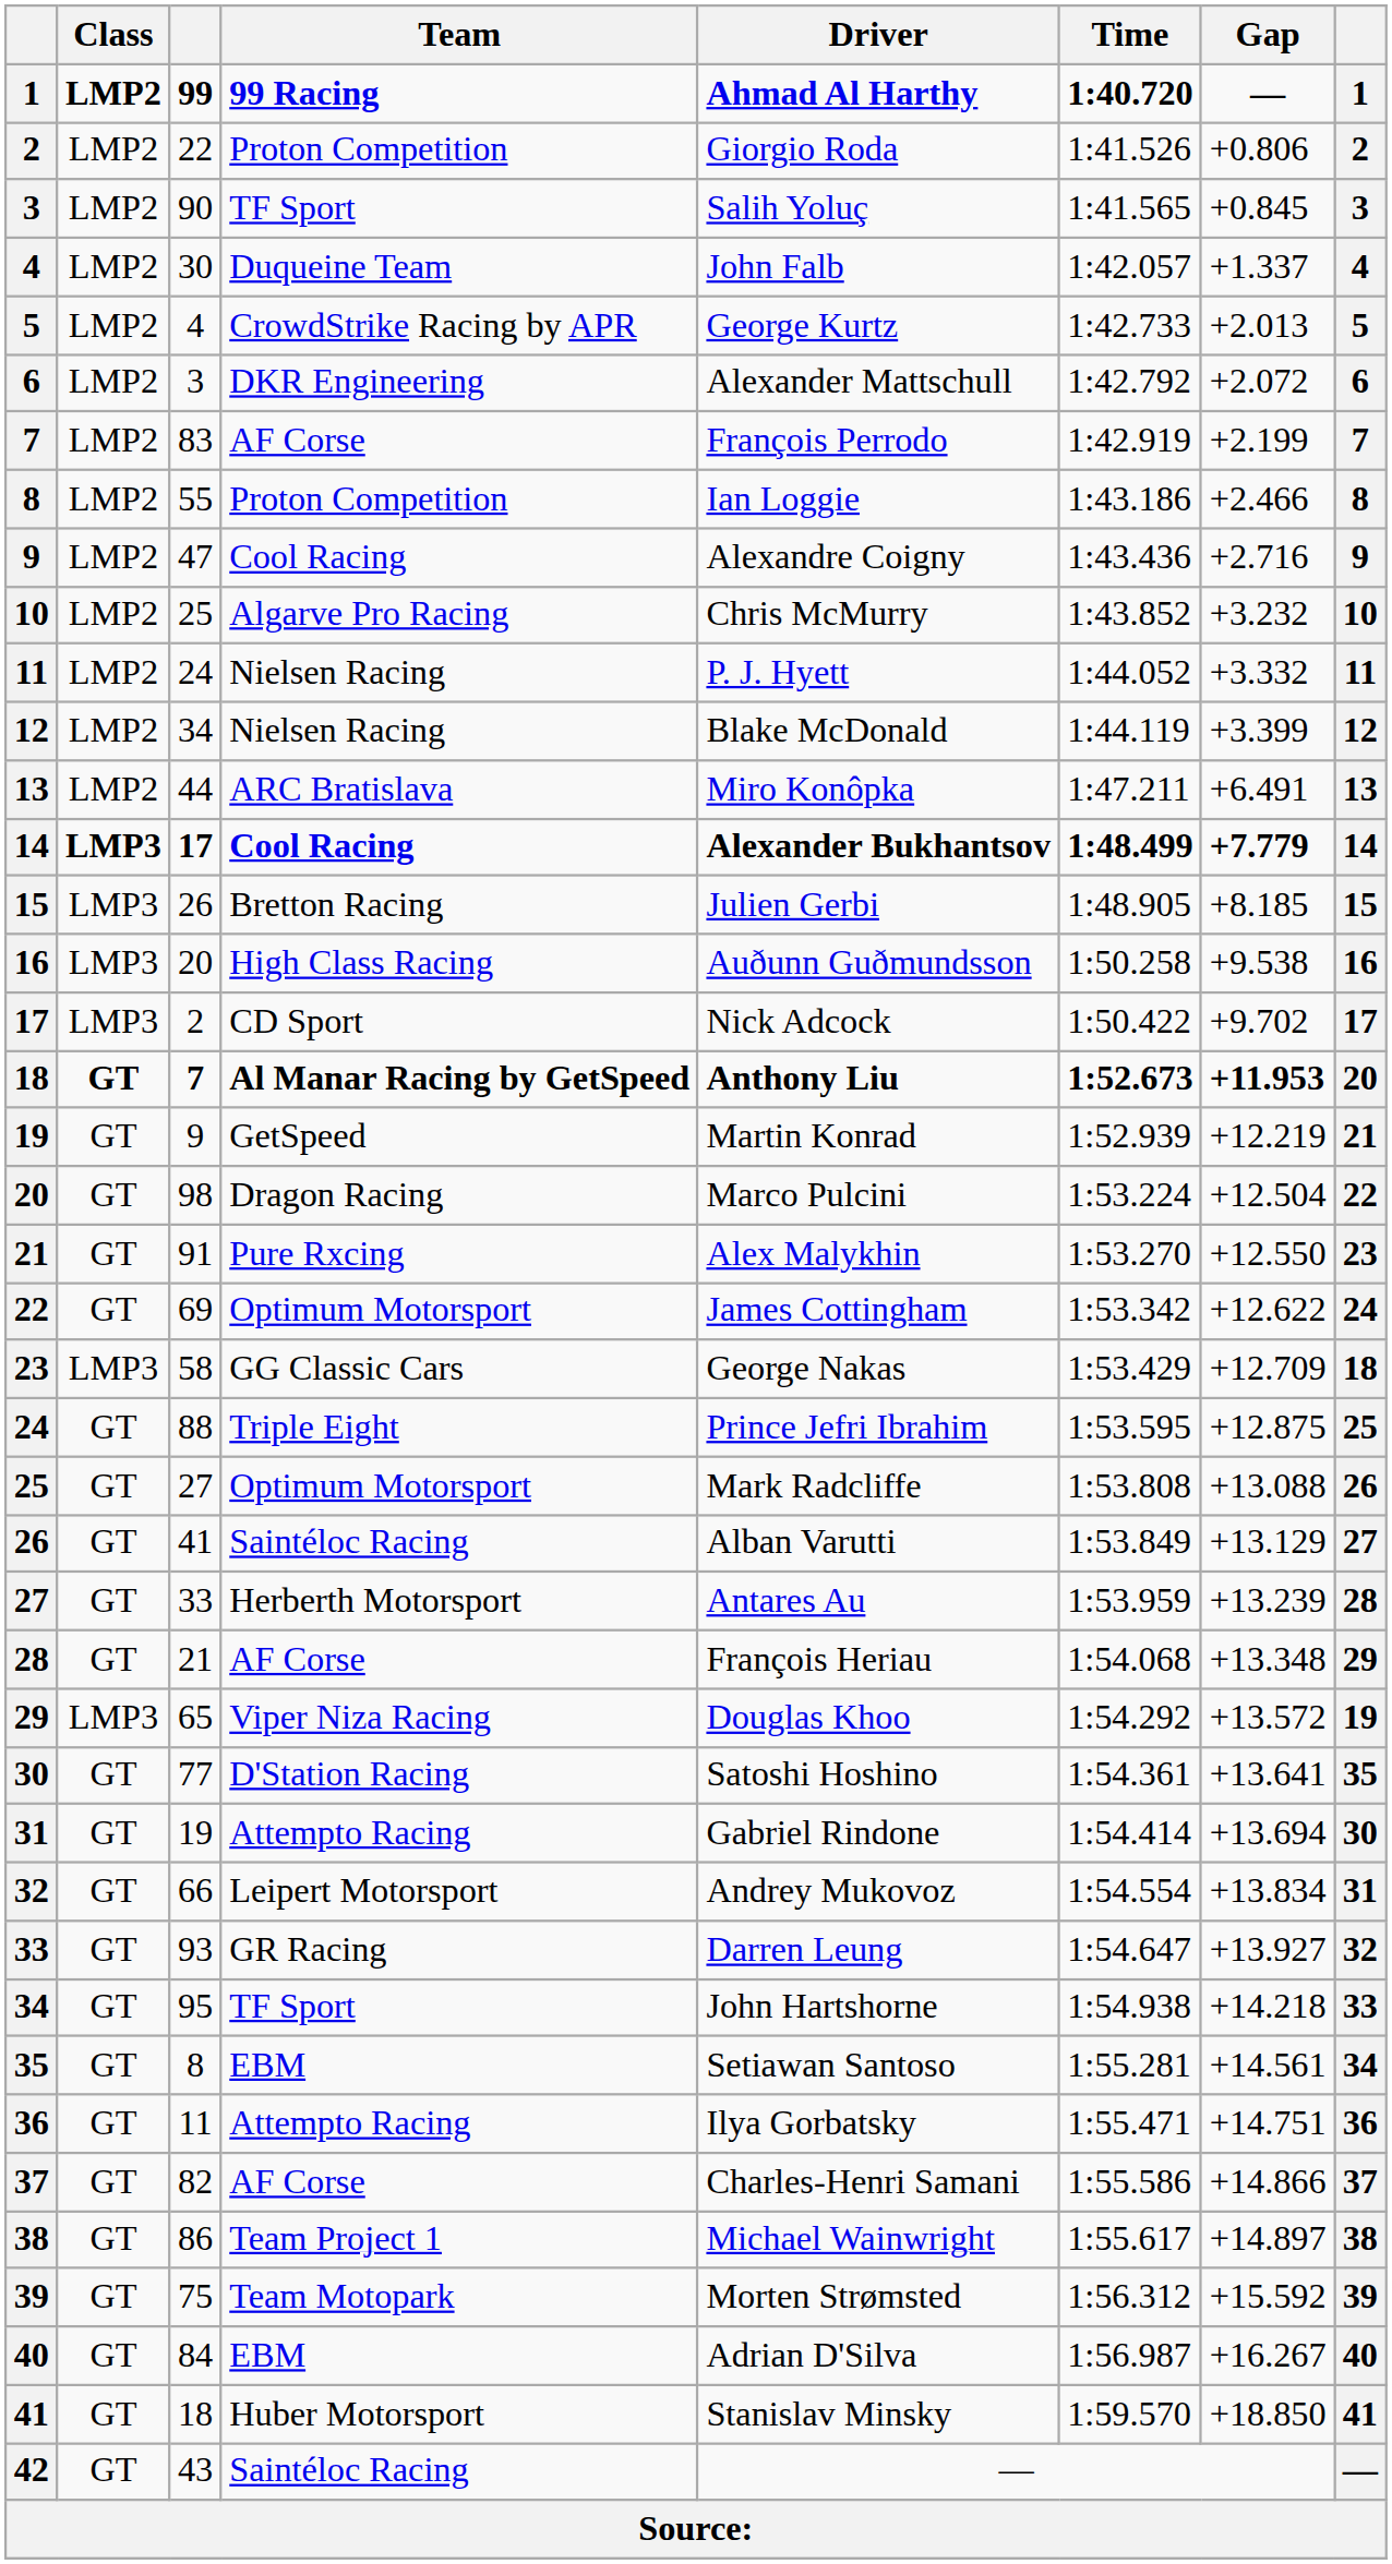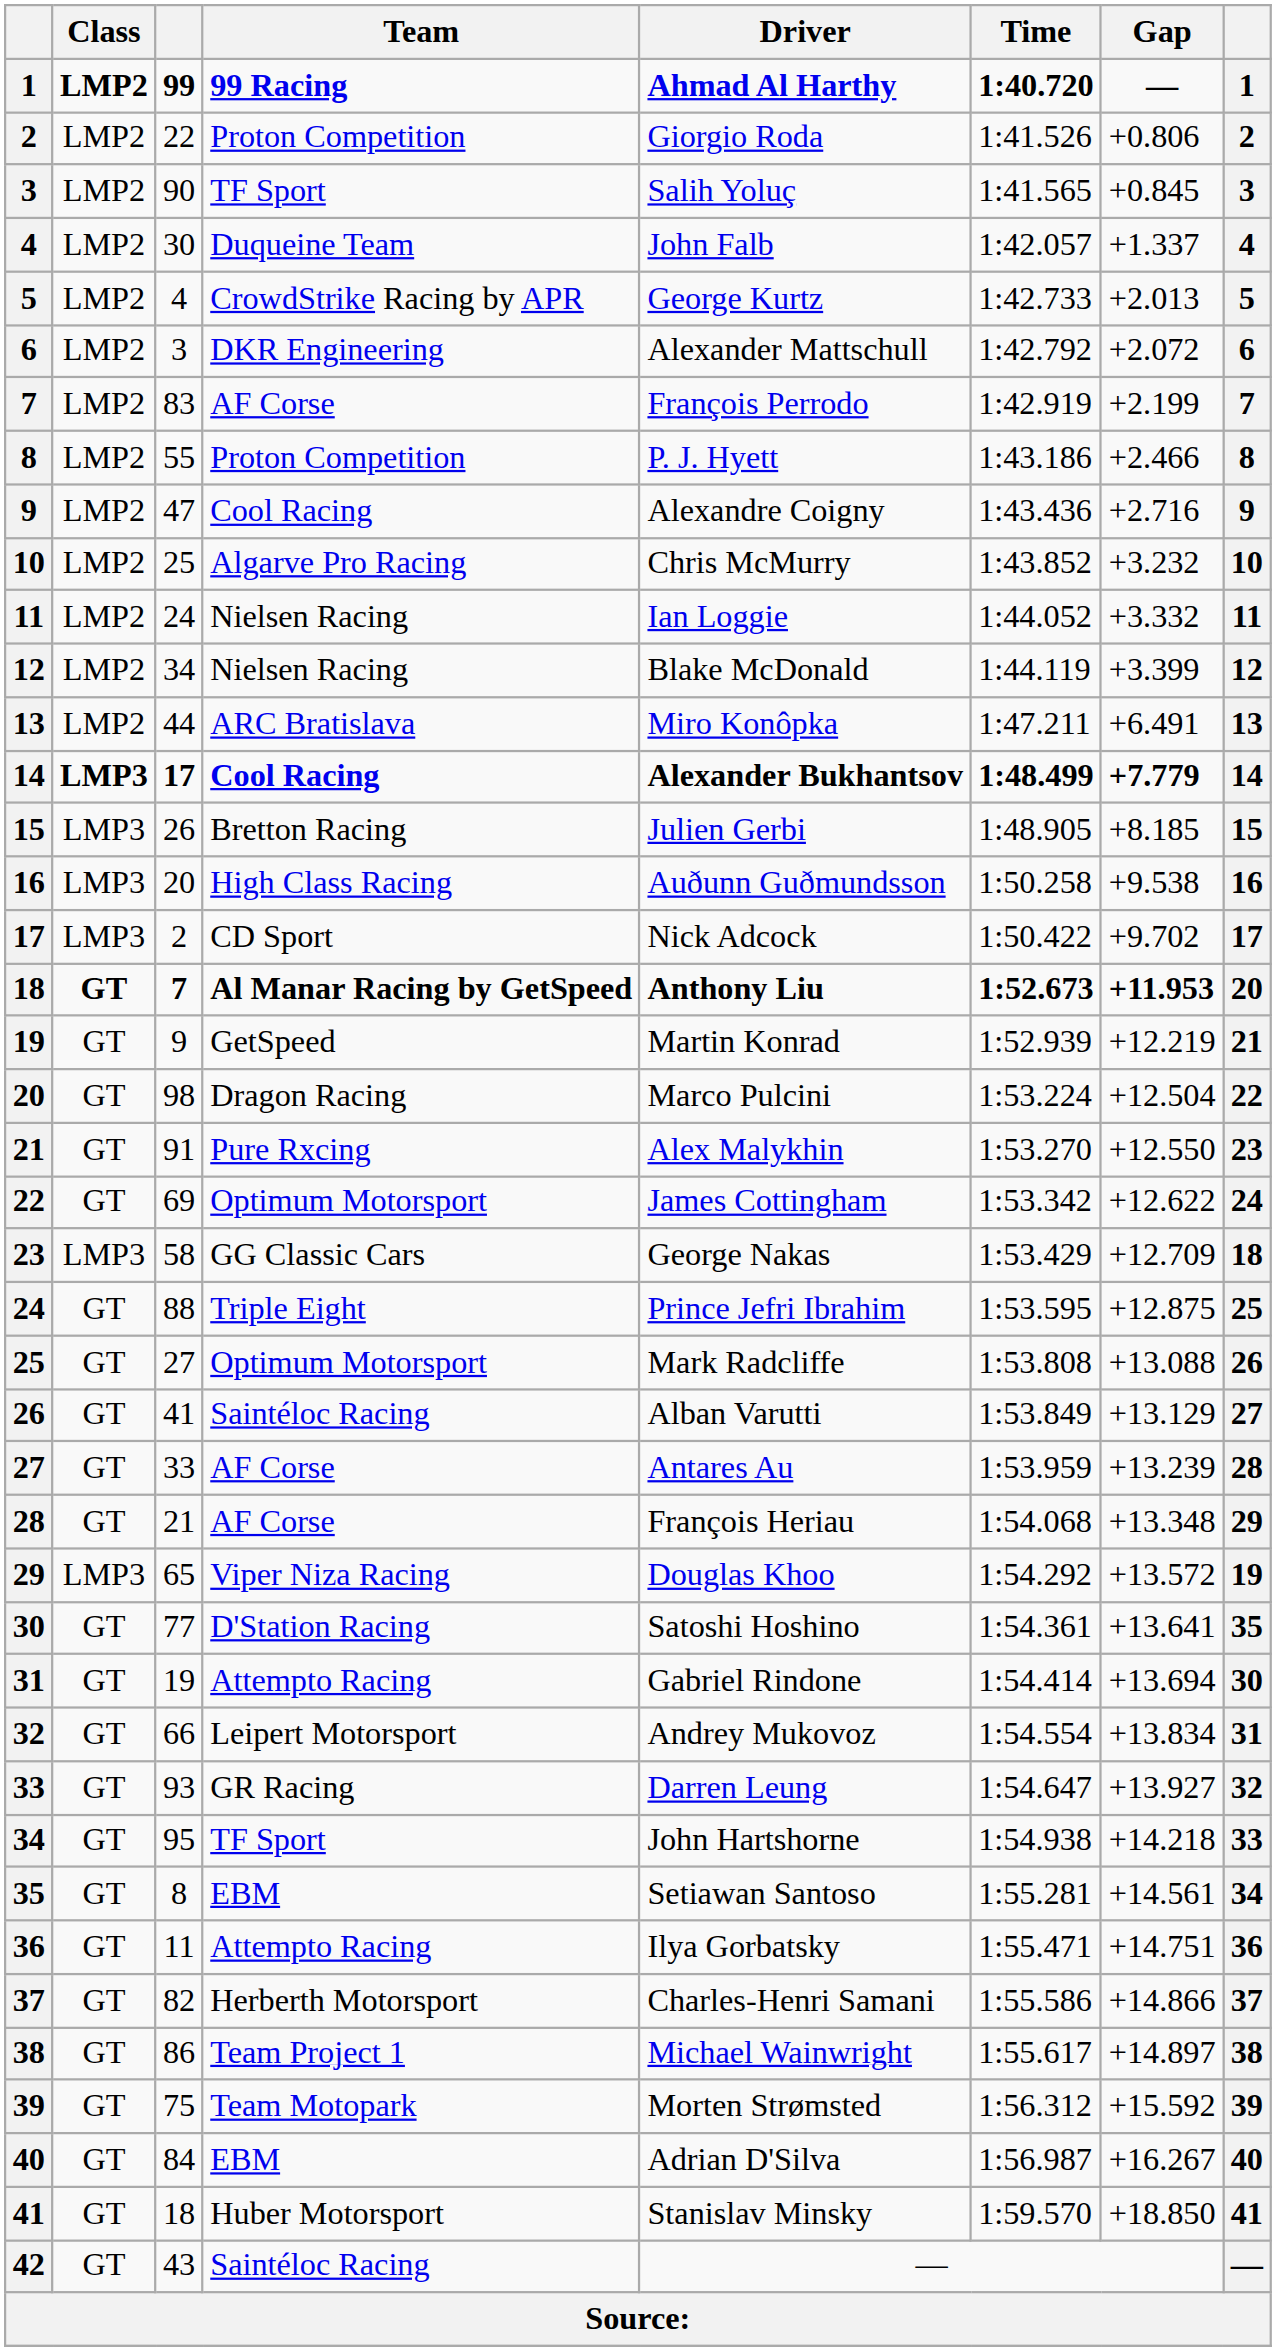 <table class="wikitable sortable" style="font-size: 90%;">
 <tr>
 <th></th>
 <th class="unsortable">Class</th>
 <th class="unsortable"></th>
 <th class="unsortable">Team</th>
 <th class="unsortable">Driver</th>
 <th class="unsortable">Time</th>
 <th class="unsortable">Gap</th>
 <th></th>
 </tr>
 <tr style="font-weight: bold;">
 <th>1</th>
 <td align="center">LMP2</td>
 <td align="center">99</td>
 <td> <a href='#'>99 Racing</a></td>
 <td> <a href='#'>Ahmad Al Harthy</a></td>
 <td>1:40.720</td>
 <td align="center">—</td>
 <th>1</th>
 </tr>
 <tr>
 <th>2</th>
 <td align="center">LMP2</td>
 <td align="center">22</td>
 <td> <a href='#'>Proton Competition</a></td>
 <td> <a href='#'>Giorgio Roda</a></td>
 <td>1:41.526</td>
 <td>+0.806</td>
 <th>2</th>
 </tr>
 <tr>
 <th>3</th>
 <td align="center">LMP2</td>
 <td align="center">90</td>
 <td> <a href='#'>TF Sport</a></td>
 <td> <a href='#'>Salih Yoluç</a></td>
 <td>1:41.565</td>
 <td>+0.845</td>
 <th>3</th>
 </tr>
 <tr>
 <th>4</th>
 <td align="center">LMP2</td>
 <td align="center">30</td>
 <td> <a href='#'>Duqueine Team</a></td>
 <td> <a href='#'>John Falb</a></td>
 <td>1:42.057</td>
 <td>+1.337</td>
 <th>4</th>
 </tr>
 <tr>
 <th>5</th>
 <td align="center">LMP2</td>
 <td align="center">4</td>
 <td> <a href='#'>CrowdStrike</a> Racing by <a href='#'>APR</a></td>
 <td> <a href='#'>George Kurtz</a></td>
 <td>1:42.733</td>
 <td>+2.013</td>
 <th>5</th>
 </tr>
 <tr>
 <th>6</th>
 <td align="center">LMP2</td>
 <td align="center">3</td>
 <td> <a href='#'>DKR Engineering</a></td>
 <td> Alexander Mattschull</td>
 <td>1:42.792</td>
 <td>+2.072</td>
 <th>6</th>
 </tr>
 <tr>
 <th>7</th>
 <td align="center">LMP2</td>
 <td align="center">83</td>
 <td> <a href='#'>AF Corse</a></td>
 <td> <a href='#'>François Perrodo</a></td>
 <td>1:42.919</td>
 <td>+2.199</td>
 <th>7</th>
 </tr>
 <tr>
 <th>8</th>
 <td align="center">LMP2</td>
 <td align="center">55</td>
 <td> <a href='#'>Proton Competition</a></td>
-<td> <a href='#'>Ian Loggie</a></td>
+<td> <a href='#'>P. J. Hyett</a></td>
 <td>1:43.186</td>
 <td>+2.466</td>
 <th>8</th>
 </tr>
 <tr>
 <th>9</th>
 <td align="center">LMP2</td>
 <td align="center">47</td>
 <td> <a href='#'>Cool Racing</a></td>
 <td> Alexandre Coigny</td>
 <td>1:43.436</td>
 <td>+2.716</td>
 <th>9</th>
 </tr>
 <tr>
 <th>10</th>
 <td align="center">LMP2</td>
 <td align="center">25</td>
 <td> <a href='#'>Algarve Pro Racing</a></td>
 <td> Chris McMurry</td>
 <td>1:43.852</td>
 <td>+3.232</td>
 <th>10</th>
 </tr>
 <tr>
 <th>11</th>
 <td align="center">LMP2</td>
 <td align="center">24</td>
 <td> Nielsen Racing</td>
-<td> <a href='#'>P. J. Hyett</a></td>
+<td> <a href='#'>Ian Loggie</a></td>
 <td>1:44.052</td>
 <td>+3.332</td>
 <th>11</th>
 </tr>
 <tr>
 <th>12</th>
 <td align="center">LMP2</td>
 <td align="center">34</td>
 <td> Nielsen Racing</td>
 <td> Blake McDonald</td>
 <td>1:44.119</td>
 <td>+3.399</td>
 <th>12</th>
 </tr>
 <tr>
 <th>13</th>
 <td align="center">LMP2</td>
 <td align="center">44</td>
 <td> <a href='#'>ARC Bratislava</a></td>
 <td> <a href='#'>Miro Konôpka</a></td>
 <td>1:47.211</td>
 <td>+6.491</td>
 <th>13</th>
 </tr>
 <tr style="font-weight: bold;">
 <th>14</th>
 <td align="center">LMP3</td>
 <td align="center">17</td>
 <td> <a href='#'>Cool Racing</a></td>
 <td> Alexander Bukhantsov</td>
 <td>1:48.499</td>
 <td>+7.779</td>
 <th>14</th>
 </tr>
 <tr>
 <th>15</th>
 <td align="center">LMP3</td>
 <td align="center">26</td>
 <td> Bretton Racing</td>
 <td> <a href='#'>Julien Gerbi</a></td>
 <td>1:48.905</td>
 <td>+8.185</td>
 <th>15</th>
 </tr>
 <tr>
 <th>16</th>
 <td align="center">LMP3</td>
 <td align="center">20</td>
 <td> <a href='#'>High Class Racing</a></td>
 <td> <a href='#'>Auðunn Guðmundsson</a></td>
 <td>1:50.258</td>
 <td>+9.538</td>
 <th>16</th>
 </tr>
 <tr>
 <th>17</th>
 <td align="center">LMP3</td>
 <td align="center">2</td>
 <td> CD Sport</td>
 <td> Nick Adcock</td>
 <td>1:50.422</td>
 <td>+9.702</td>
 <th>17</th>
 </tr>
 <tr style="font-weight: bold;">
 <th>18</th>
 <td align="center">GT</td>
 <td align="center">7</td>
 <td> Al Manar Racing by GetSpeed</td>
 <td> Anthony Liu</td>
 <td>1:52.673</td>
 <td>+11.953</td>
 <th>20</th>
 </tr>
 <tr>
 <th>19</th>
 <td align="center">GT</td>
 <td align="center">9</td>
 <td> GetSpeed</td>
 <td> Martin Konrad</td>
 <td>1:52.939</td>
 <td>+12.219</td>
 <th>21</th>
 </tr>
 <tr>
 <th>20</th>
 <td align="center">GT</td>
 <td align="center">98</td>
 <td> Dragon Racing</td>
 <td> Marco Pulcini</td>
 <td>1:53.224</td>
 <td>+12.504</td>
 <th>22</th>
 </tr>
 <tr>
 <th>21</th>
 <td align="center">GT</td>
 <td align="center">91</td>
 <td> <a href='#'>Pure Rxcing</a></td>
 <td> <a href='#'>Alex Malykhin</a></td>
 <td>1:53.270</td>
 <td>+12.550</td>
 <th>23</th>
 </tr>
 <tr>
 <th>22</th>
 <td align="center">GT</td>
 <td align="center">69</td>
 <td> <a href='#'>Optimum Motorsport</a></td>
 <td> <a href='#'>James Cottingham</a></td>
 <td>1:53.342</td>
 <td>+12.622</td>
 <th>24</th>
 </tr>
 <tr>
 <th>23</th>
 <td align="center">LMP3</td>
 <td align="center">58</td>
 <td> GG Classic Cars</td>
 <td> George Nakas</td>
 <td>1:53.429</td>
 <td>+12.709</td>
 <th>18</th>
 </tr>
 <tr>
 <th>24</th>
 <td align="center">GT</td>
 <td align="center">88</td>
 <td> <a href='#'>Triple Eight</a></td>
 <td> <a href='#'>Prince Jefri Ibrahim</a></td>
 <td>1:53.595</td>
 <td>+12.875</td>
 <th>25</th>
 </tr>
 <tr>
 <th>25</th>
 <td align="center">GT</td>
 <td align="center">27</td>
 <td> <a href='#'>Optimum Motorsport</a></td>
 <td> Mark Radcliffe</td>
 <td>1:53.808</td>
 <td>+13.088</td>
 <th>26</th>
 </tr>
 <tr>
 <th>26</th>
 <td align="center">GT</td>
 <td align="center">41</td>
 <td> <a href='#'>Saintéloc Racing</a></td>
 <td> Alban Varutti</td>
 <td>1:53.849</td>
 <td>+13.129</td>
 <th>27</th>
 </tr>
 <tr>
 <th>27</th>
 <td align="center">GT</td>
 <td align="center">33</td>
-<td> Herberth Motorsport</td>
+<td> <a href='#'>AF Corse</a></td>
 <td> <a href='#'>Antares Au</a></td>
 <td>1:53.959</td>
 <td>+13.239</td>
 <th>28</th>
 </tr>
 <tr>
 <th>28</th>
 <td align="center">GT</td>
 <td align="center">21</td>
 <td> <a href='#'>AF Corse</a></td>
 <td> François Heriau</td>
 <td>1:54.068</td>
 <td>+13.348</td>
 <th>29</th>
 </tr>
 <tr>
 <th>29</th>
 <td align="center">LMP3</td>
 <td align="center">65</td>
 <td> <a href='#'>Viper Niza Racing</a></td>
 <td> <a href='#'>Douglas Khoo</a></td>
 <td>1:54.292</td>
 <td>+13.572</td>
 <th>19</th>
 </tr>
 <tr>
 <th>30</th>
 <td align="center">GT</td>
 <td align="center">77</td>
 <td> <a href='#'>D'Station Racing</a></td>
 <td> Satoshi Hoshino</td>
 <td>1:54.361</td>
 <td>+13.641</td>
 <th>35</th>
 </tr>
 <tr>
 <th>31</th>
 <td align="center">GT</td>
 <td align="center">19</td>
 <td> <a href='#'>Attempto Racing</a></td>
 <td> Gabriel Rindone</td>
 <td>1:54.414</td>
 <td>+13.694</td>
 <th>30</th>
 </tr>
 <tr>
 <th>32</th>
 <td align="center">GT</td>
 <td align="center">66</td>
 <td> Leipert Motorsport</td>
 <td> Andrey Mukovoz</td>
 <td>1:54.554</td>
 <td>+13.834</td>
 <th>31</th>
 </tr>
 <tr>
 <th>33</th>
 <td align="center">GT</td>
 <td align="center">93</td>
 <td> GR Racing</td>
 <td> <a href='#'>Darren Leung</a></td>
 <td>1:54.647</td>
 <td>+13.927</td>
 <th>32</th>
 </tr>
 <tr>
 <th>34</th>
 <td align="center">GT</td>
 <td align="center">95</td>
 <td> <a href='#'>TF Sport</a></td>
 <td> John Hartshorne</td>
 <td>1:54.938</td>
 <td>+14.218</td>
 <th>33</th>
 </tr>
 <tr>
 <th>35</th>
 <td align="center">GT</td>
 <td align="center">8</td>
 <td> <a href='#'>EBM</a></td>
 <td> Setiawan Santoso</td>
 <td>1:55.281</td>
 <td>+14.561</td>
 <th>34</th>
 </tr>
 <tr>
 <th>36</th>
 <td align="center">GT</td>
 <td align="center">11</td>
 <td> <a href='#'>Attempto Racing</a></td>
 <td> Ilya Gorbatsky</td>
 <td>1:55.471</td>
 <td>+14.751</td>
 <th>36</th>
 </tr>
 <tr>
 <th>37</th>
 <td align="center">GT</td>
 <td align="center">82</td>
-<td> <a href='#'>AF Corse</a></td>
+<td> Herberth Motorsport</td>
 <td> Charles-Henri Samani</td>
 <td>1:55.586</td>
 <td>+14.866</td>
 <th>37</th>
 </tr>
 <tr>
 <th>38</th>
 <td align="center">GT</td>
 <td align="center">86</td>
 <td> <a href='#'>Team Project 1</a></td>
 <td> <a href='#'>Michael Wainwright</a></td>
 <td>1:55.617</td>
 <td>+14.897</td>
 <th>38</th>
 </tr>
 <tr>
 <th>39</th>
 <td align="center">GT</td>
 <td align="center">75</td>
 <td> <a href='#'>Team Motopark</a></td>
 <td> Morten Strømsted</td>
 <td>1:56.312</td>
 <td>+15.592</td>
 <th>39</th>
 </tr>
 <tr>
 <th>40</th>
 <td align="center">GT</td>
 <td align="center">84</td>
 <td> <a href='#'>EBM</a></td>
 <td> Adrian D'Silva</td>
 <td>1:56.987</td>
 <td>+16.267</td>
 <th>40</th>
 </tr>
 <tr>
 <th>41</th>
 <td align="center">GT</td>
 <td align="center">18</td>
 <td> Huber Motorsport</td>
 <td> Stanislav Minsky</td>
 <td>1:59.570</td>
 <td>+18.850</td>
 <th>41</th>
 </tr>
 <tr>
 <th>42</th>
 <td align="center">GT</td>
 <td align="center">43</td>
 <td> <a href='#'>Saintéloc Racing</a></td>
 <td colspan="3" align="center">—</td>
 <th>—</th>
 </tr>
 <tr>
 <th colspan="8">Source:</th>
 </tr>
 <tr>
 </tr>
 </table>
